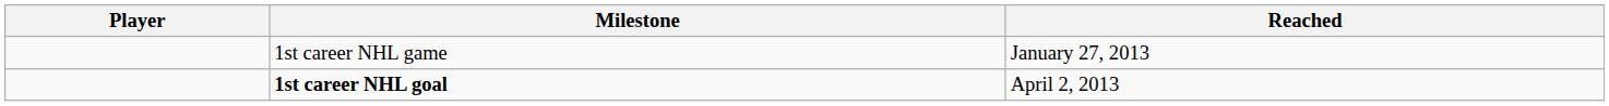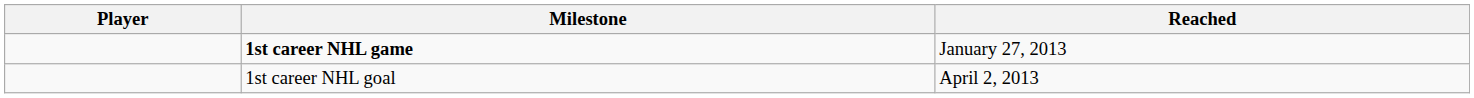 <table class="wikitable sortable" style="width:100%;">
 <tr align=center>
 <th>Player</th>
 <th>Milestone</th>
 <th>Reached</th>
 </tr>
 <tr>
 <td></td>
-<td>1st career NHL game</td>
+<td><strong>1st career NHL game</strong></td>
 <td>January 27, 2013</td>
 </tr>
 <tr>
 <td></td>
-<td><strong>1st career NHL goal</strong></td>
+<td>1st career NHL goal</td>
 <td>April 2, 2013</td>
 </tr>
 </table>
